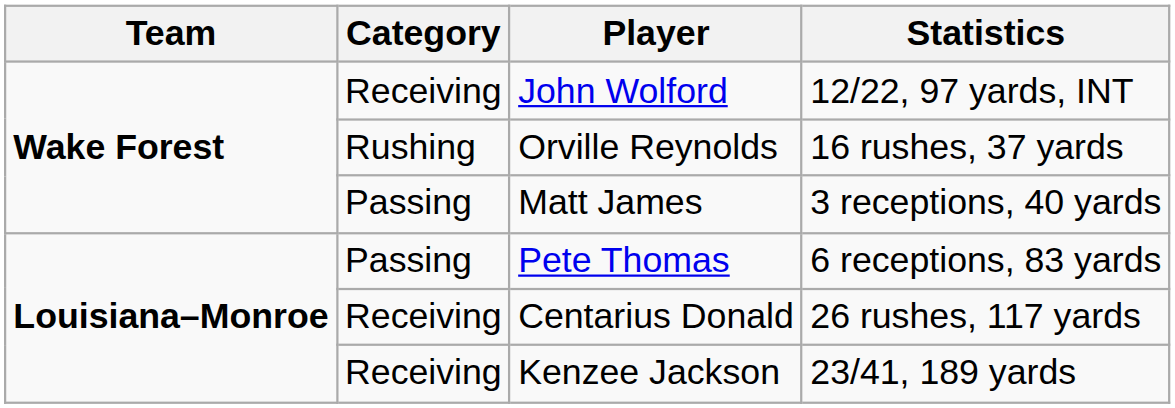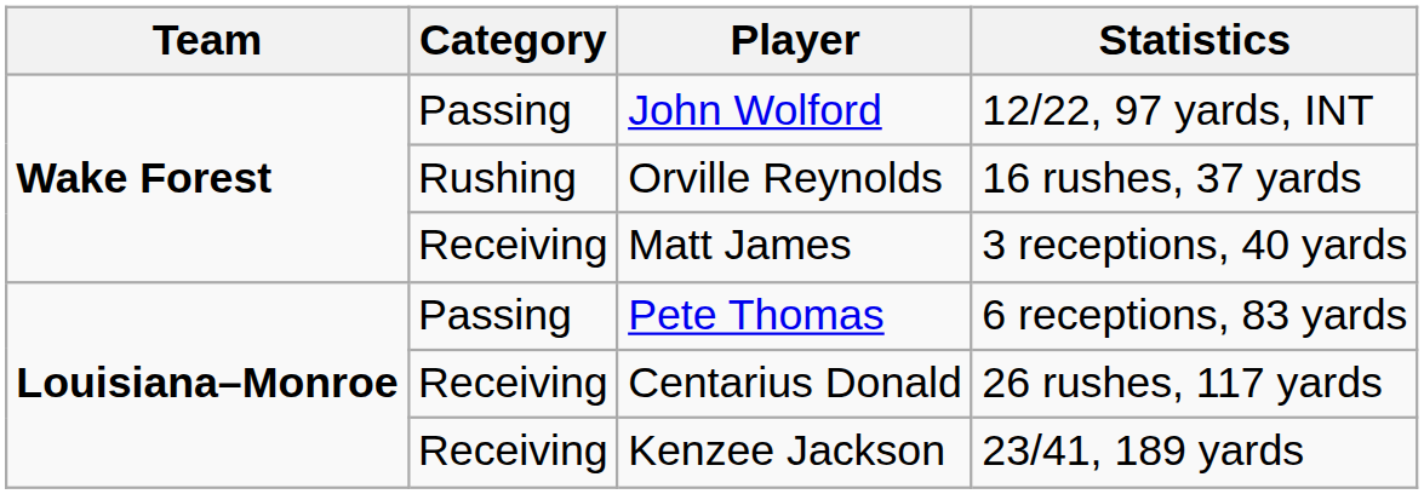 <table class="wikitable" style="float: left;">
 <tr>
 <th>Team</th>
 <th>Category</th>
 <th>Player</th>
 <th>Statistics</th>
 </tr>
 <tr>
 <td rowspan=3><strong>Wake Forest</strong></td>
-<td>Receiving</td>
+<td>Passing</td>
 <td><a href='#'>John Wolford</a></td>
 <td>12/22, 97 yards, INT</td>
 </tr>
 <tr>
 <td>Rushing</td>
 <td>Orville Reynolds</td>
 <td>16 rushes, 37 yards</td>
 </tr>
 <tr>
-<td>Passing</td>
+<td>Receiving</td>
 <td>Matt James</td>
 <td>3 receptions, 40 yards</td>
 </tr>
 <tr>
 <td rowspan=3><strong>Louisiana–Monroe</strong></td>
 <td>Passing</td>
 <td><a href='#'>Pete Thomas</a></td>
 <td>6 receptions, 83 yards</td>
 </tr>
 <tr>
 <td>Receiving</td>
 <td>Centarius Donald</td>
 <td>26 rushes, 117 yards</td>
 </tr>
 <tr>
 <td>Receiving</td>
 <td>Kenzee Jackson</td>
 <td>23/41, 189 yards</td>
 </tr>
 </table>
